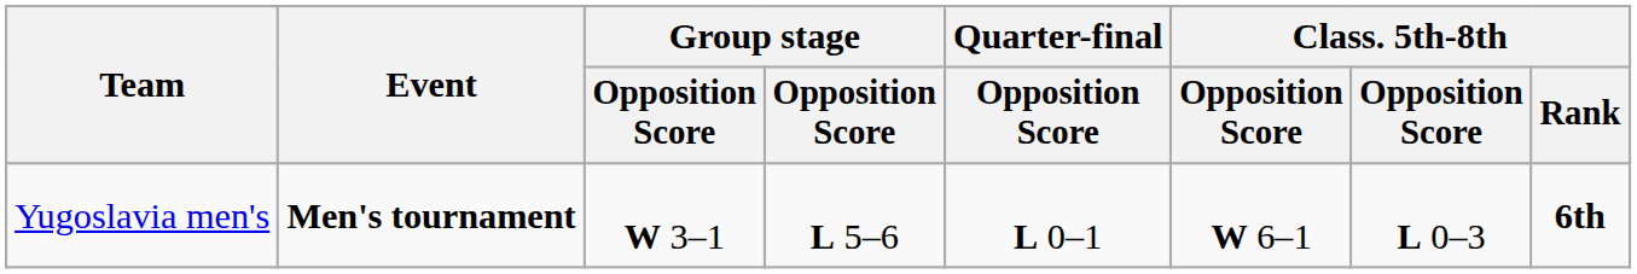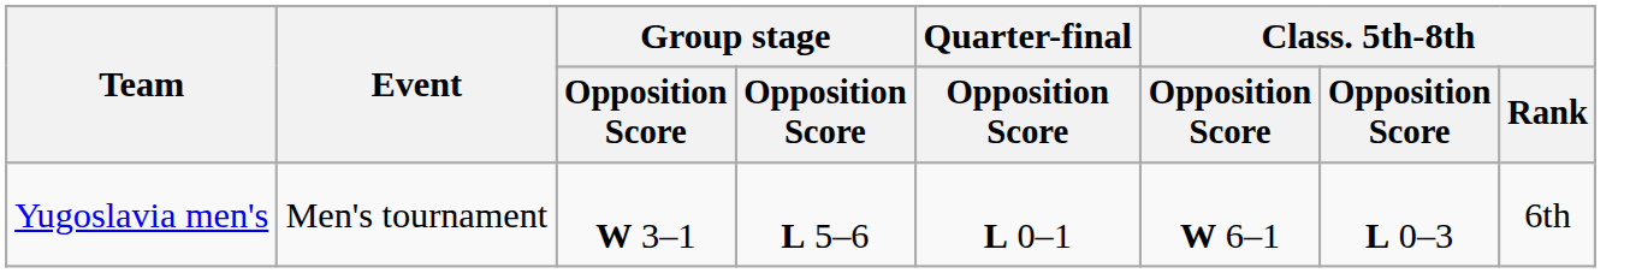 <table class=wikitable style=font-size:90%;text-align:center>
 <tr>
 <th rowspan=2>Team</th>
 <th rowspan=2>Event</th>
 <th colspan=2>Group stage</th>
 <th colspan=1>Quarter-final</th>
 <th colspan=3>Class. 5th-8th</th>
 </tr>
 <tr style=font-size:95%>
 <th>Opposition<br>Score</th>
 <th>Opposition<br>Score</th>
 <th>Opposition<br>Score</th>
 <th>Opposition<br>Score</th>
 <th>Opposition<br>Score</th>
 <th>Rank</th>
 </tr>
 <tr>
 <td align=left><a href='#'>Yugoslavia men's</a></td>
-<td align=left><strong>Men's tournament</strong></td>
+<td align=left>Men's tournament</td>
 <td><br><strong>W</strong> 3–1</td>
 <td><br><strong>L</strong> 5–6</td>
 <td><br><strong>L</strong> 0–1</td>
 <td><br><strong>W</strong> 6–1</td>
 <td><br><strong>L</strong> 0–3</td>
-<td><strong>6th</strong></td>
+<td>6th</td>
 </tr>
 </table>
